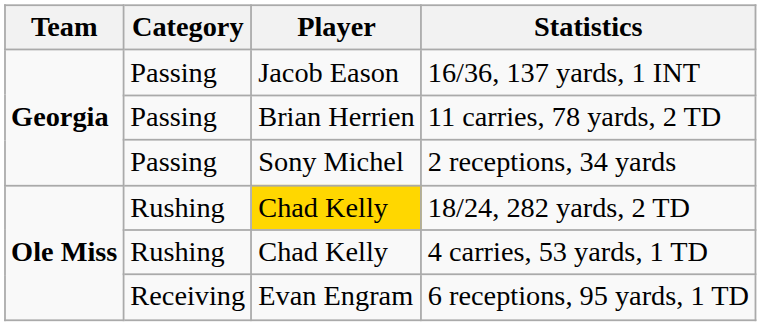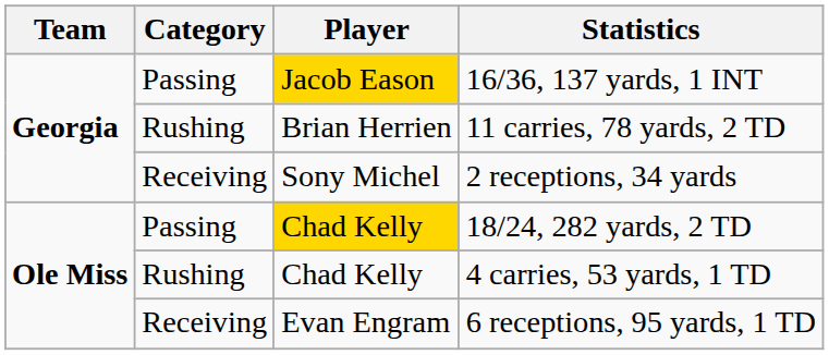 <table class="wikitable" style="float: right;">
 <tr>
 <th>Team</th>
 <th>Category</th>
 <th>Player</th>
 <th>Statistics</th>
 </tr>
 <tr>
 <td rowspan=3><strong>Georgia</strong></td>
 <td>Passing</td>
-<td>Jacob Eason</td>
+<td style="background: gold;">Jacob Eason</td>
 <td>16/36, 137 yards, 1 INT</td>
 </tr>
 <tr>
-<td>Passing</td>
+<td>Rushing</td>
 <td>Brian Herrien</td>
 <td>11 carries, 78 yards, 2 TD</td>
 </tr>
 <tr>
-<td>Passing</td>
+<td>Receiving</td>
 <td>Sony Michel</td>
 <td>2 receptions, 34 yards</td>
 </tr>
 <tr>
 <td rowspan=3><strong>Ole Miss</strong></td>
-<td>Rushing</td>
+<td>Passing</td>
 <td style="background: gold;">Chad Kelly</td>
 <td>18/24, 282 yards, 2 TD</td>
 </tr>
 <tr>
 <td>Rushing</td>
 <td>Chad Kelly</td>
 <td>4 carries, 53 yards, 1 TD</td>
 </tr>
 <tr>
 <td>Receiving</td>
 <td>Evan Engram</td>
 <td>6 receptions, 95 yards, 1 TD</td>
 </tr>
 </table>
